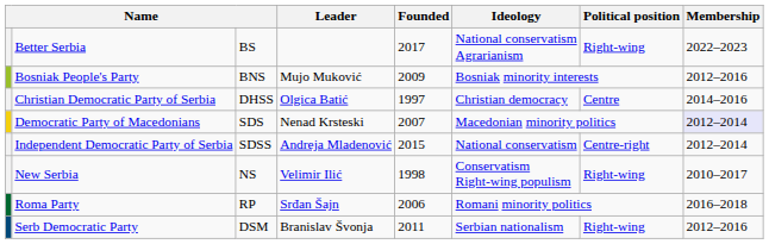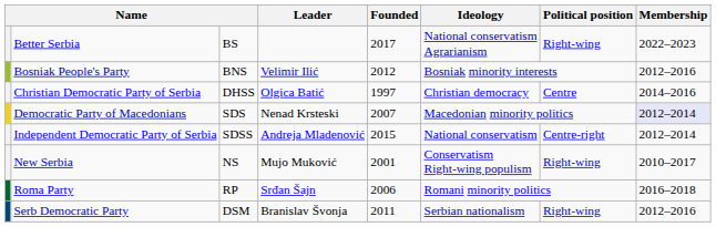 <table class="wikitable" style="text-align:left; font-size:90%">
 <tr>
 <th colspan="3">Name</th>
 <th>Leader</th>
 <th>Founded</th>
 <th>Ideology</th>
 <th>Political position</th>
 <th>Membership</th>
 </tr>
 <tr>
 <th style="background-color:"></th>
 <td><a href='#'>Better Serbia</a><br><small><em></em></small></td>
 <td>BS</td>
 <td></td>
 <td>2017</td>
 <td><a href='#'>National conservatism</a><br><a href='#'>Agrarianism</a></td>
 <td><a href='#'>Right-wing</a></td>
 <td>2022–2023</td>
 </tr>
 <tr>
 <th style="background-color:#99C029"></th>
 <td><a href='#'>Bosniak People's Party</a><br><small><em></em></small></td>
 <td>BNS</td>
-<td>Mujo Muković</td>
-<td>2009</td>
+<td><a href='#'>Velimir Ilić</a></td>
+<td>2012</td>
 <td colspan="2"><a href='#'>Bosniak</a> <a href='#'>minority interests</a></td>
 <td>2012–2016</td>
 </tr>
 <tr>
 <th style="background-color:"></th>
 <td><a href='#'>Christian Democratic Party of Serbia</a><br><small><em></em></small></td>
 <td>DHSS</td>
 <td><a href='#'>Olgica Batić</a></td>
 <td>1997</td>
 <td><a href='#'>Christian democracy</a></td>
 <td><a href='#'>Centre</a></td>
 <td>2014–2016</td>
 </tr>
 <tr>
 <th style="background-color:#F4D00D"></th>
 <td><a href='#'>Democratic Party of Macedonians</a><br><small><em></em></small></td>
 <td>SDS</td>
 <td>Nenad Krsteski</td>
 <td>2007</td>
 <td colspan="2"><a href='#'>Macedonian</a> <a href='#'>minority politics</a></td>
 <td style="background: lavender;">2012–2014</td>
 </tr>
 <tr>
 <th style="background-color:"></th>
 <td><a href='#'>Independent Democratic Party of Serbia</a><br><small><em></em></small></td>
 <td>SDSS</td>
 <td><a href='#'>Andreja Mladenović</a></td>
 <td>2015</td>
 <td><a href='#'>National conservatism</a></td>
 <td><a href='#'>Centre-right</a></td>
 <td>2012–2014</td>
 </tr>
 <tr>
 <th style="background-color:"></th>
 <td><a href='#'>New Serbia</a><br><small><em></em></small></td>
 <td>NS</td>
-<td><a href='#'>Velimir Ilić</a></td>
-<td>1998</td>
+<td>Mujo Muković</td>
+<td>2001</td>
 <td><a href='#'>Conservatism</a><br><a href='#'>Right-wing populism</a></td>
 <td><a href='#'>Right-wing</a></td>
 <td>2010–2017</td>
 </tr>
 <tr>
 <th style="background-color:#016830"></th>
 <td><a href='#'>Roma Party</a><br><small><em></em></small></td>
 <td>RP</td>
 <td><a href='#'>Srđan Šajn</a></td>
 <td>2006</td>
 <td colspan="2"><a href='#'>Romani</a> <a href='#'>minority politics</a></td>
 <td>2016–2018</td>
 </tr>
 <tr>
 <th style="background-color:#004878"></th>
 <td><a href='#'>Serb Democratic Party</a><br><small><em></em></small></td>
 <td>DSM</td>
 <td>Branislav Švonja</td>
 <td>2011</td>
 <td><a href='#'>Serbian nationalism</a></td>
 <td><a href='#'>Right-wing</a></td>
 <td>2012–2016</td>
 </tr>
 </table>
